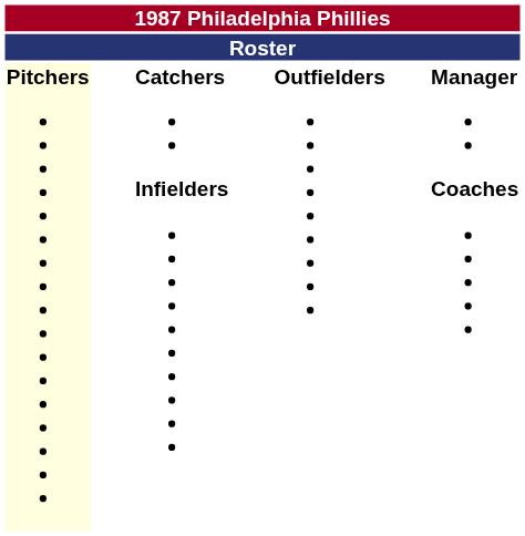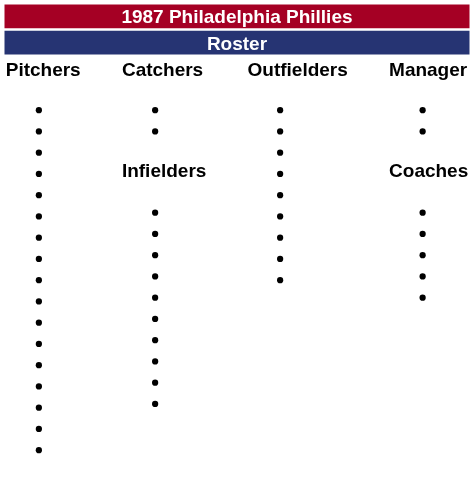 <table class="toccolours" style="font-size: 95%;">
 <tr>
 <th colspan="10" style="background-color: #A50024; color: #FFFFFF; text-align: center;">1987 Philadelphia Phillies</th>
 </tr>
 <tr>
 <td colspan="10" style="background-color: #263473; color: white; text-align: center;"><strong>Roster</strong></td>
 </tr>
 <tr>
-<td valign="top" style="background: lightyellow;"><strong>Pitchers</strong><br><ul><li></li><li></li><li></li><li></li><li></li><li></li><li></li><li></li><li></li><li></li><li></li><li></li><li></li><li></li><li></li><li></li><li></li></ul></td>
+<td valign="top"><strong>Pitchers</strong><br><ul><li></li><li></li><li></li><li></li><li></li><li></li><li></li><li></li><li></li><li></li><li></li><li></li><li></li><li></li><li></li><li></li><li></li></ul></td>
 <td width="25px"></td>
 <td valign="top"><strong>Catchers</strong><br><ul><li></li><li></li></ul><strong>Infielders</strong><ul><li></li><li></li><li></li><li></li><li></li><li></li><li></li><li></li><li></li><li></li></ul></td>
 <td width="25px"></td>
 <td valign="top"><strong>Outfielders</strong><br><ul><li></li><li></li><li></li><li></li><li></li><li></li><li></li><li></li><li></li></ul></td>
 <td width="25px"></td>
 <td valign="top"><strong>Manager</strong><br><ul><li></li><li></li></ul><strong>Coaches</strong><ul><li></li><li></li><li></li><li></li><li></li></ul></td>
 </tr>
 <tr>
 </tr>
 </table>
